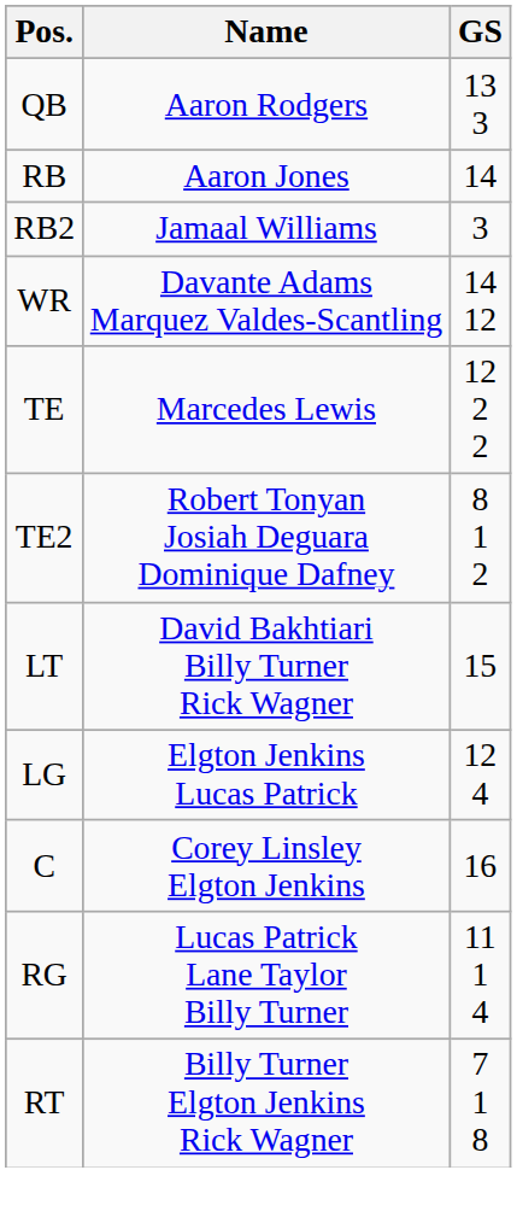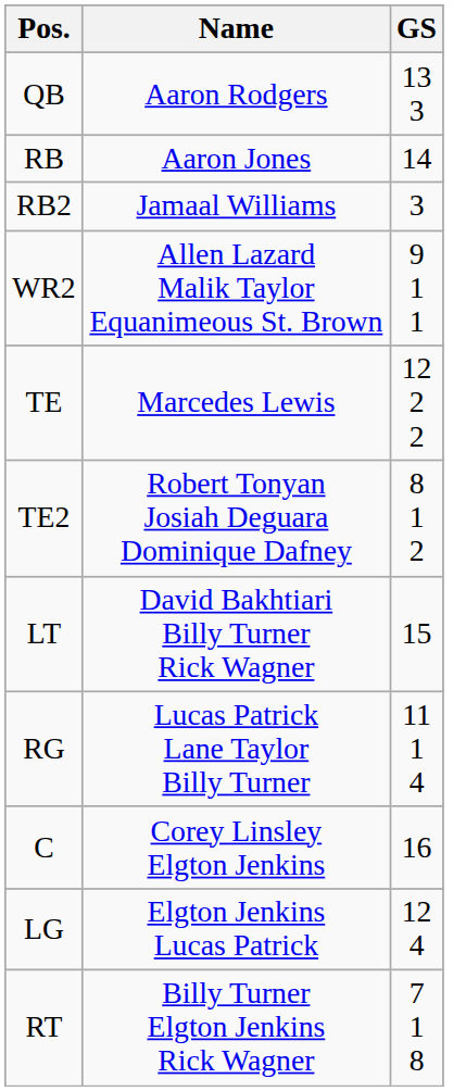 <table class="wikitable" style="text-align:center">
 <tr>
 <th>Pos.</th>
 <th>Name</th>
 <th>GS</th>
 </tr>
 <tr>
 <td>QB</td>
 <td><a href='#'>Aaron Rodgers</a></td>
 <td>13<br>3</td>
 </tr>
 <tr>
 <td>RB</td>
 <td><a href='#'>Aaron Jones</a></td>
 <td>14</td>
 </tr>
 <tr>
 <td>RB2</td>
 <td><a href='#'>Jamaal Williams</a></td>
 <td>3</td>
 </tr>
 <tr>
-<td>WR</td>
-<td><a href='#'>Davante Adams</a><br><a href='#'>Marquez Valdes-Scantling</a></td>
-<td>14<br>12</td>
+<td>WR2</td>
+<td><a href='#'>Allen Lazard</a><br><a href='#'>Malik Taylor</a><br><a href='#'>Equanimeous St. Brown</a></td>
+<td>9<br>1<br>1</td>
 </tr>
 <tr>
 <td>TE</td>
 <td><a href='#'>Marcedes Lewis</a></td>
 <td>12<br>2<br>2</td>
 </tr>
 <tr>
 <td>TE2</td>
 <td><a href='#'>Robert Tonyan</a><br><a href='#'>Josiah Deguara</a><br><a href='#'>Dominique Dafney</a></td>
 <td>8<br>1<br>2</td>
 </tr>
 <tr>
 <td>LT</td>
 <td><a href='#'>David Bakhtiari</a><br><a href='#'>Billy Turner</a><br><a href='#'>Rick Wagner</a></td>
 <td>15</td>
 </tr>
 <tr>
-<td>LG</td>
-<td><a href='#'>Elgton Jenkins</a><br><a href='#'>Lucas Patrick</a></td>
-<td>12<br>4</td>
+<td>RG</td>
+<td><a href='#'>Lucas Patrick</a><br><a href='#'>Lane Taylor</a><br><a href='#'>Billy Turner</a></td>
+<td>11<br>1<br>4</td>
 </tr>
 <tr>
 <td>C</td>
 <td><a href='#'>Corey Linsley</a><br><a href='#'>Elgton Jenkins</a></td>
 <td>16</td>
 </tr>
 <tr>
-<td>RG</td>
-<td><a href='#'>Lucas Patrick</a><br><a href='#'>Lane Taylor</a><br><a href='#'>Billy Turner</a></td>
-<td>11<br>1<br>4</td>
+<td>LG</td>
+<td><a href='#'>Elgton Jenkins</a><br><a href='#'>Lucas Patrick</a></td>
+<td>12<br>4</td>
 </tr>
 <tr>
 <td>RT</td>
 <td><a href='#'>Billy Turner</a><br><a href='#'>Elgton Jenkins</a><br><a href='#'>Rick Wagner</a></td>
 <td>7<br>1<br>8</td>
 </tr>
 </table>
